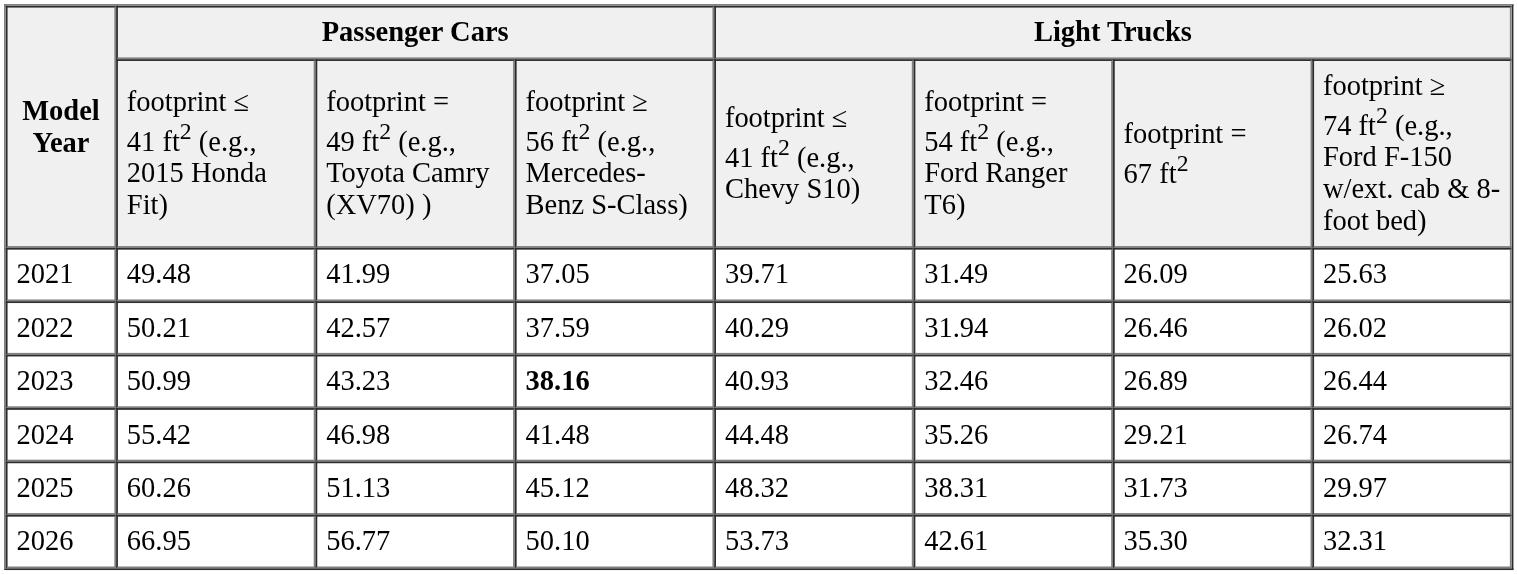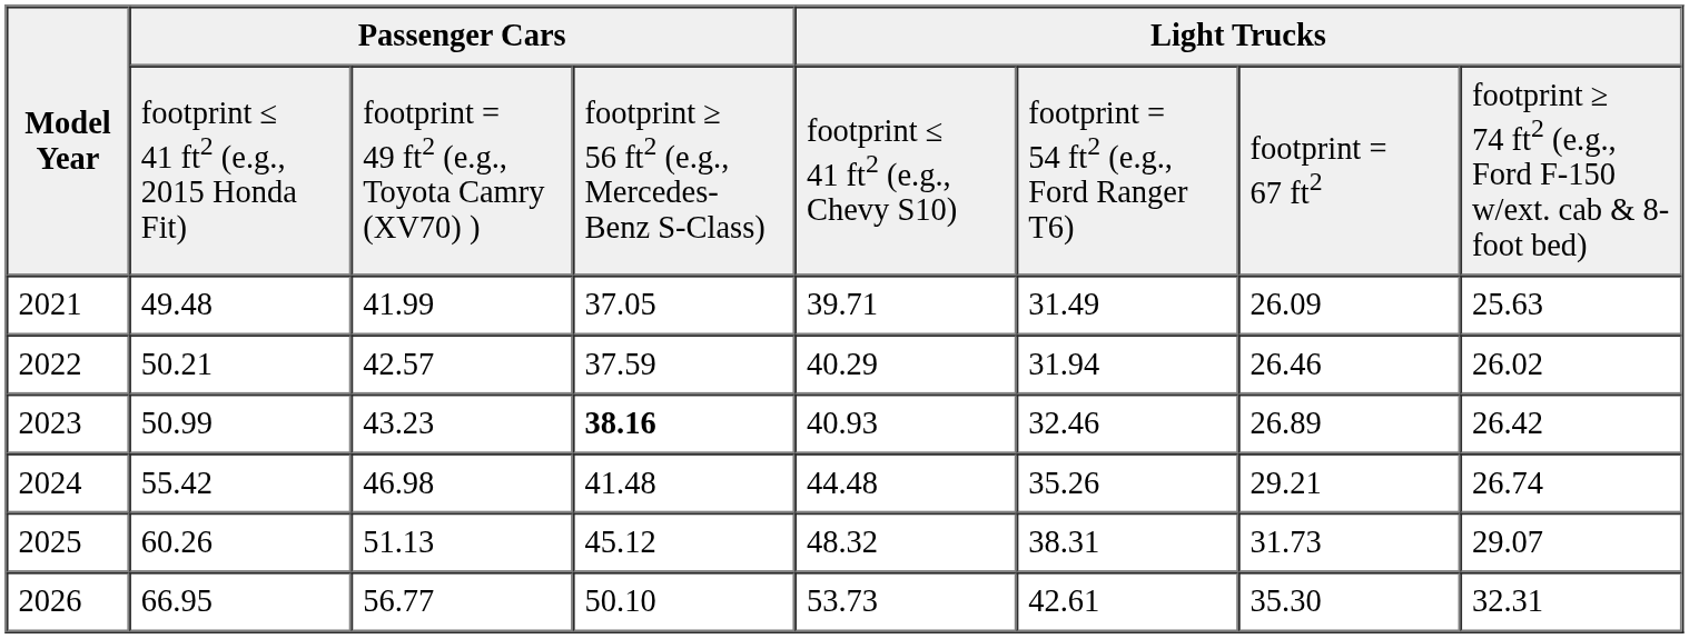 <table border="1" cellspacing="0" cellpadding="5">
 <tr>
 <td style="width:50px; text-align:center; background:#f0f0f0;" rowspan="2"><strong>Model Year</strong></td>
 <td style="width:50px; text-align:center; background:#f0f0f0;" colspan="3"><strong>Passenger Cars</strong></td>
 <td style="width:150px; text-align:center; background:#f0f0f0;" colspan="4"><strong>Light Trucks</strong></td>
 </tr>
 <tr style="background:#f0f0f0;">
 <td style="width:100px;">footprint ≤ 41 ft<sup>2</sup> (e.g., 2015 Honda Fit)</td>
 <td style="width:100px;">footprint = 49 ft<sup>2</sup> (e.g., Toyota Camry (XV70) )</td>
 <td style="width:100px;">footprint ≥ 56 ft<sup>2</sup> (e.g., Mercedes-Benz S-Class)</td>
 <td style="width:100px;">footprint ≤ 41 ft<sup>2</sup> (e.g., Chevy S10)</td>
 <td style="width:100px;">footprint = 54 ft<sup>2</sup> (e.g., Ford Ranger T6)</td>
 <td style="width:100px;">footprint = 67 ft<sup>2</sup></td>
 <td style="width:100px;">footprint ≥ 74 ft<sup>2</sup> (e.g., Ford F-150 w/ext. cab & 8-foot bed)</td>
 </tr>
 <tr>
 <td>2021</td>
 <td>49.48</td>
 <td>41.99</td>
 <td>37.05</td>
 <td>39.71</td>
 <td>31.49</td>
 <td>26.09</td>
 <td>25.63</td>
 </tr>
 <tr>
 <td>2022</td>
 <td>50.21</td>
 <td>42.57</td>
 <td>37.59</td>
 <td>40.29</td>
 <td>31.94</td>
 <td>26.46</td>
 <td>26.02</td>
 </tr>
 <tr>
 <td>2023</td>
 <td>50.99</td>
 <td>43.23</td>
 <td><strong>38.16</strong></td>
 <td>40.93</td>
 <td>32.46</td>
 <td>26.89</td>
-<td>26.44</td>
+<td>26.42</td>
 </tr>
 <tr>
 <td>2024</td>
 <td>55.42</td>
 <td>46.98</td>
 <td>41.48</td>
 <td>44.48</td>
 <td>35.26</td>
 <td>29.21</td>
 <td>26.74</td>
 </tr>
 <tr>
 <td>2025</td>
 <td>60.26</td>
 <td>51.13</td>
 <td>45.12</td>
 <td>48.32</td>
 <td>38.31</td>
 <td>31.73</td>
-<td>29.97</td>
+<td>29.07</td>
 </tr>
 <tr>
 <td>2026</td>
 <td>66.95</td>
 <td>56.77</td>
 <td>50.10</td>
 <td>53.73</td>
 <td>42.61</td>
 <td>35.30</td>
 <td>32.31</td>
 </tr>
 </table>
